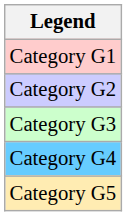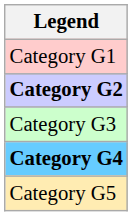 <table class= wikitable style=font-size:90%>
 <tr>
 <th>Legend</th>
 </tr>
 <tr bgcolor=#ffcccc>
 <td>Category G1</td>
 </tr>
 <tr bgcolor=#ccccff>
-<td>Category G2</td>
+<td><strong>Category G2</strong></td>
 </tr>
 <tr bgcolor=#CCFFCC>
 <td>Category G3</td>
 </tr>
 <tr bgcolor=#66CCFF>
-<td>Category G4</td>
+<td><strong>Category G4</strong></td>
 </tr>
 <tr bgcolor=#ffecb2>
 <td>Category G5</td>
 </tr>
 </table>
